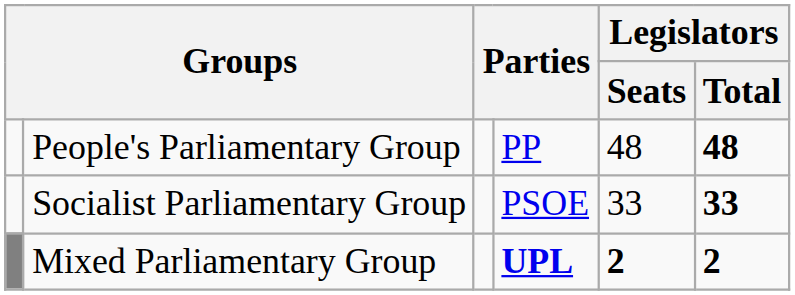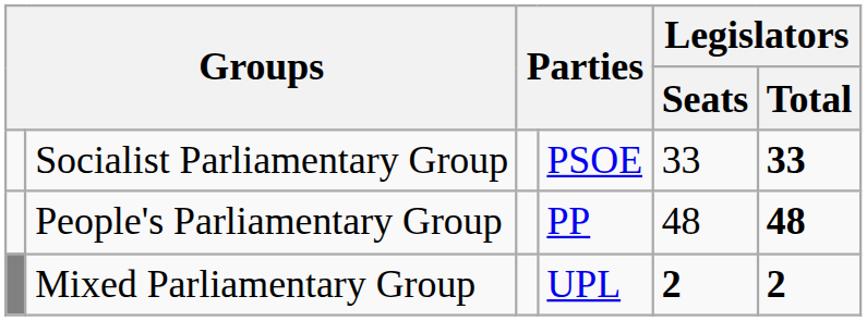 <table class="wikitable" style="text-align:left;">
 <tr>
 <th rowspan="2" colspan="2">Groups</th>
 <th rowspan="2" colspan="2">Parties</th>
 <th colspan="2">Legislators</th>
 </tr>
 <tr>
 <th>Seats</th>
 <th>Total</th>
 </tr>
 <tr>
+<td style="color:inherit;background:"></td>
+<td>Socialist Parliamentary Group</td>
+<td style="color:inherit;background:"></td>
+<td><a href='#'>PSOE</a></td>
+<td>33</td>
+<td><strong>33</strong></td>
+</tr>
+<tr>
 <td width="1" style="color:inherit;background:"></td>
 <td>People's Parliamentary Group</td>
 <td width="1" style="color:inherit;background:"></td>
 <td><a href='#'>PP</a></td>
 <td>48</td>
 <td><strong>48</strong></td>
 </tr>
 <tr>
-<td style="color:inherit;background:"></td>
-<td>Socialist Parliamentary Group</td>
-<td style="color:inherit;background:"></td>
-<td><a href='#'>PSOE</a></td>
-<td>33</td>
-<td><strong>33</strong></td>
-</tr>
-<tr>
 <td bgcolor="gray"></td>
 <td>Mixed Parliamentary Group</td>
 <td style="color:inherit;background:"></td>
-<td align="left"><strong><a href='#'>UPL</a></strong></td>
+<td align="left"><a href='#'>UPL</a></td>
 <td><strong>2</strong></td>
 <td><strong>2</strong></td>
 </tr>
 </table>
